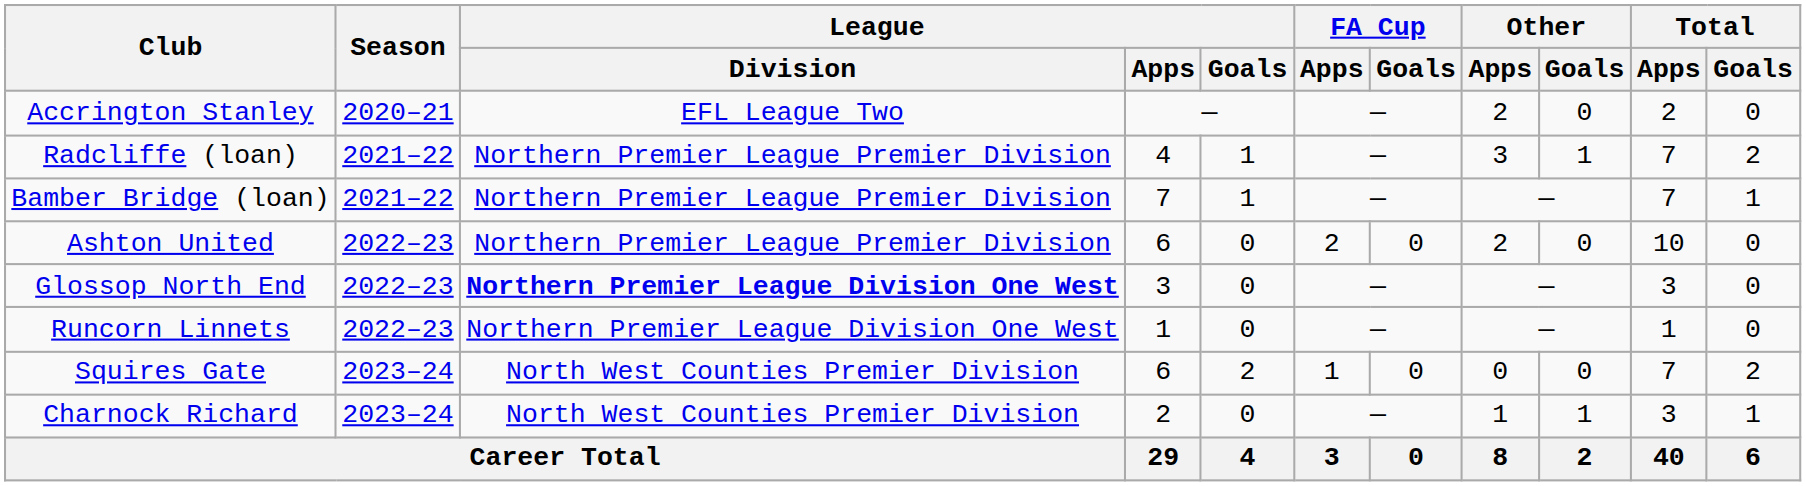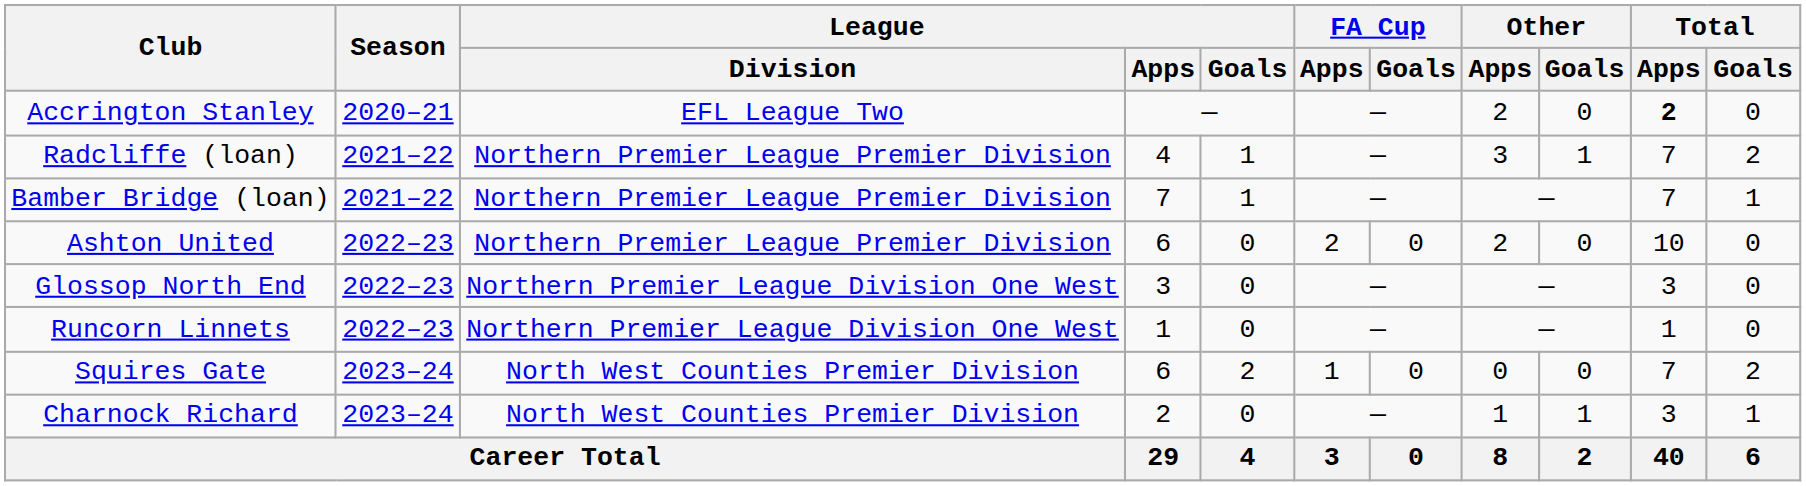 <table class="wikitable" style="text-align:center">
 <tr>
 <th rowspan="2">Club</th>
 <th rowspan="2">Season</th>
 <th colspan="3">League</th>
 <th colspan="2"><a href='#'>FA Cup</a></th>
 <th colspan="2">Other</th>
 <th colspan="2">Total</th>
 </tr>
 <tr>
 <th>Division</th>
 <th>Apps</th>
 <th>Goals</th>
 <th>Apps</th>
 <th>Goals</th>
 <th>Apps</th>
 <th>Goals</th>
 <th>Apps</th>
 <th>Goals</th>
 </tr>
 <tr>
 <td><a href='#'>Accrington Stanley</a></td>
 <td><a href='#'>2020–21</a></td>
 <td><a href='#'>EFL League Two</a></td>
 <td colspan="2">—</td>
 <td colspan="2">—</td>
 <td>2</td>
 <td>0</td>
-<td>2</td>
+<td><strong>2</strong></td>
 <td>0</td>
 </tr>
 <tr>
 <td><a href='#'>Radcliffe</a> (loan)</td>
 <td><a href='#'>2021–22</a></td>
 <td><a href='#'>Northern Premier League Premier Division</a></td>
 <td>4</td>
 <td>1</td>
 <td colspan="2">—</td>
 <td>3</td>
 <td>1</td>
 <td>7</td>
 <td>2</td>
 </tr>
 <tr>
 <td><a href='#'>Bamber Bridge</a> (loan)</td>
 <td><a href='#'>2021–22</a></td>
 <td><a href='#'>Northern Premier League Premier Division</a></td>
 <td>7</td>
 <td>1</td>
 <td colspan="2">—</td>
 <td colspan="2">—</td>
 <td>7</td>
 <td>1</td>
 </tr>
 <tr>
 <td><a href='#'>Ashton United</a></td>
 <td><a href='#'>2022–23</a></td>
 <td><a href='#'>Northern Premier League Premier Division</a></td>
 <td>6</td>
 <td>0</td>
 <td>2</td>
 <td>0</td>
 <td>2</td>
 <td>0</td>
 <td>10</td>
 <td>0</td>
 </tr>
 <tr>
 <td><a href='#'>Glossop North End</a></td>
 <td><a href='#'>2022–23</a></td>
-<td><strong><a href='#'>Northern Premier League Division One West</a></strong></td>
+<td><a href='#'>Northern Premier League Division One West</a></td>
 <td>3</td>
 <td>0</td>
 <td colspan="2">—</td>
 <td colspan="2">—</td>
 <td>3</td>
 <td>0</td>
 </tr>
 <tr>
 <td><a href='#'>Runcorn Linnets</a></td>
 <td><a href='#'>2022–23</a></td>
 <td><a href='#'>Northern Premier League Division One West</a></td>
 <td>1</td>
 <td>0</td>
 <td colspan="2">—</td>
 <td colspan="2">—</td>
 <td>1</td>
 <td>0</td>
 </tr>
 <tr>
 <td><a href='#'>Squires Gate</a></td>
 <td><a href='#'>2023–24</a></td>
 <td><a href='#'>North West Counties Premier Division</a></td>
 <td>6</td>
 <td>2</td>
 <td>1</td>
 <td>0</td>
 <td>0</td>
 <td>0</td>
 <td>7</td>
 <td>2</td>
 </tr>
 <tr>
 <td><a href='#'>Charnock Richard</a></td>
 <td><a href='#'>2023–24</a></td>
 <td><a href='#'>North West Counties Premier Division</a></td>
 <td>2</td>
 <td>0</td>
 <td colspan="2">—</td>
 <td>1</td>
 <td>1</td>
 <td>3</td>
 <td>1</td>
 </tr>
 <tr>
 <th colspan="3">Career Total</th>
 <th>29</th>
 <th>4</th>
 <th>3</th>
 <th>0</th>
 <th>8</th>
 <th>2</th>
 <th>40</th>
 <th>6</th>
 </tr>
 </table>
